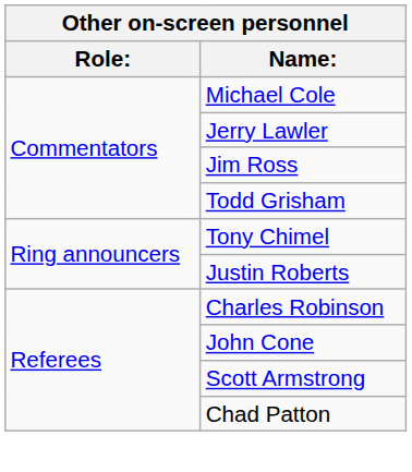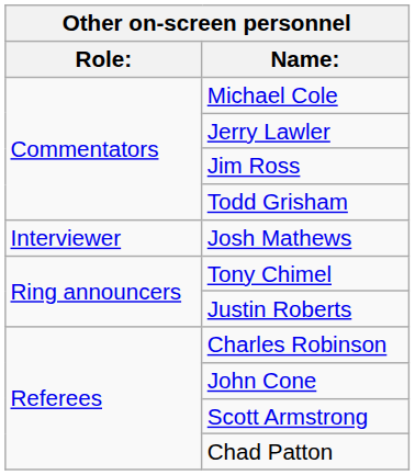 <table align="right" class="wikitable" style="border:1px; font-size:90%; margin-left:1em;">
 <tr>
 <th colspan=2 width=250>Other on-screen personnel</th>
 </tr>
 <tr>
 <th>Role:</th>
 <th>Name:</th>
 </tr>
 <tr>
 <td rowspan=4><a href='#'>Commentators</a></td>
 <td><a href='#'>Michael Cole</a></td>
 </tr>
 <tr>
 <td><a href='#'>Jerry Lawler</a></td>
 </tr>
 <tr>
 <td><a href='#'>Jim Ross</a></td>
 </tr>
 <tr>
 <td><a href='#'>Todd Grisham</a></td>
 </tr>
 <tr>
+<td><a href='#'>Interviewer</a></td>
+<td><a href='#'>Josh Mathews</a></td>
+</tr>
+<tr>
 <td rowspan=2><a href='#'>Ring announcers</a></td>
 <td><a href='#'>Tony Chimel</a></td>
 </tr>
 <tr>
 <td><a href='#'>Justin Roberts</a></td>
 </tr>
 <tr>
 <td rowspan=4><a href='#'>Referees</a></td>
 <td><a href='#'>Charles Robinson</a></td>
 </tr>
 <tr>
 <td><a href='#'>John Cone</a></td>
 </tr>
 <tr>
 <td><a href='#'>Scott Armstrong</a></td>
 </tr>
 <tr>
 <td>Chad Patton</td>
 </tr>
 </table>
